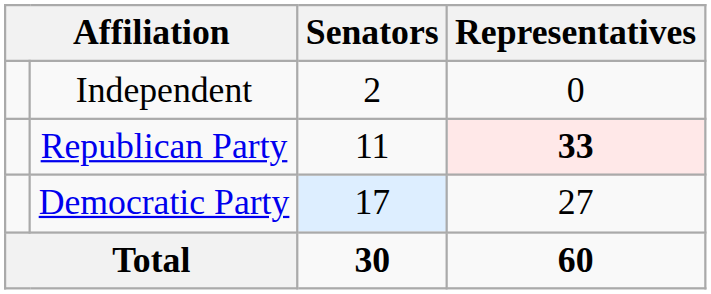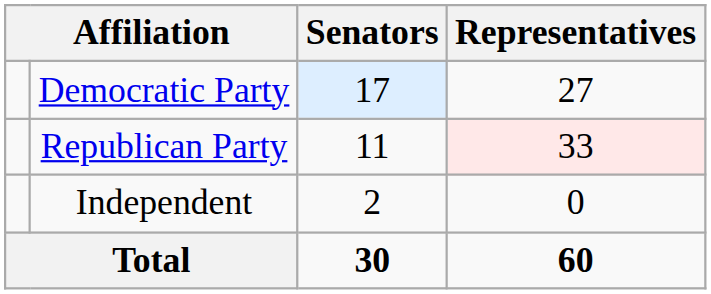 <table class="wikitable" style="text-align:center;">
 <tr>
 <th colspan="2" rowspan="1" align="center" valign="top">Affiliation</th>
 <th style="vertical-align:top;">Senators</th>
 <th style="vertical-align:top;">Representatives</th>
+</tr>
+<tr>
+<td style="background-color:"> </td>
+<td><a href='#'>Democratic Party</a></td>
+<td style="background-color:#DDEEFF;">17</td>
+<td>27</td>
+</tr>
+<tr>
+<td style="background-color:"> </td>
+<td><a href='#'>Republican Party</a></td>
+<td>11</td>
+<td style="background-color:#FFE8E8;">33</td>
 </tr>
 <tr>
 <td></td>
 <td>Independent</td>
 <td>2</td>
 <td>0</td>
 </tr>
 <tr>
-<td style="background-color:"> </td>
-<td><a href='#'>Republican Party</a></td>
-<td>11</td>
-<td style="background-color:#FFE8E8;"><strong>33</strong></td>
-</tr>
-<tr>
-<td style="background-color:"> </td>
-<td><a href='#'>Democratic Party</a></td>
-<td style="background-color:#DDEEFF;">17</td>
-<td>27</td>
-</tr>
-<tr>
 <th colspan="2" rowspan="1">Total</th>
 <td><strong>30</strong></td>
 <td><strong>60</strong></td>
 </tr>
 </table>
